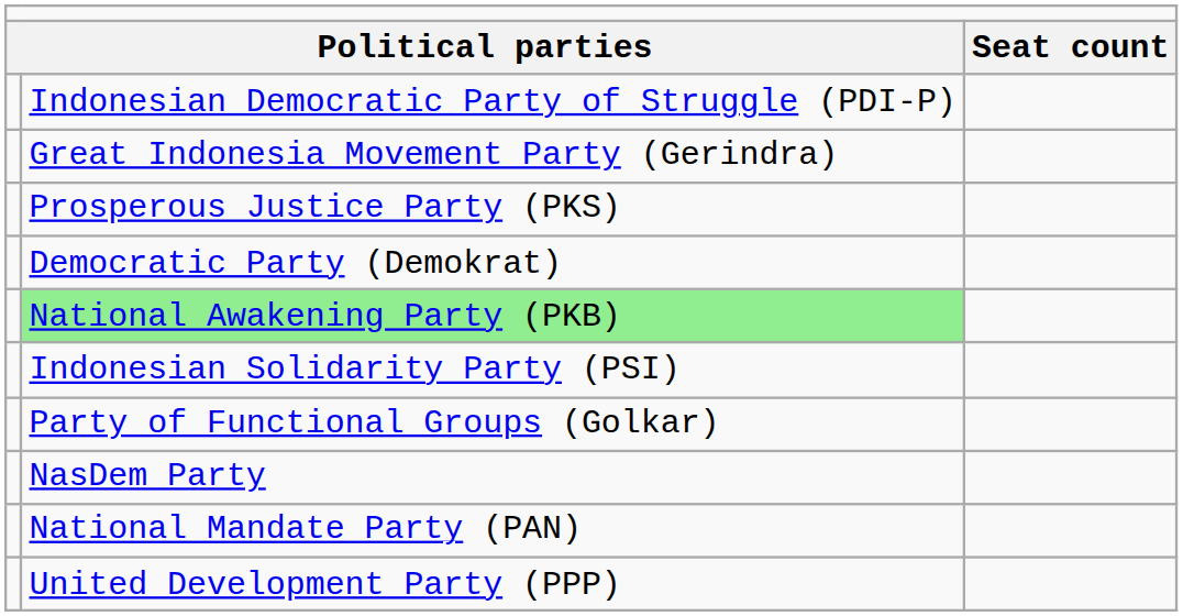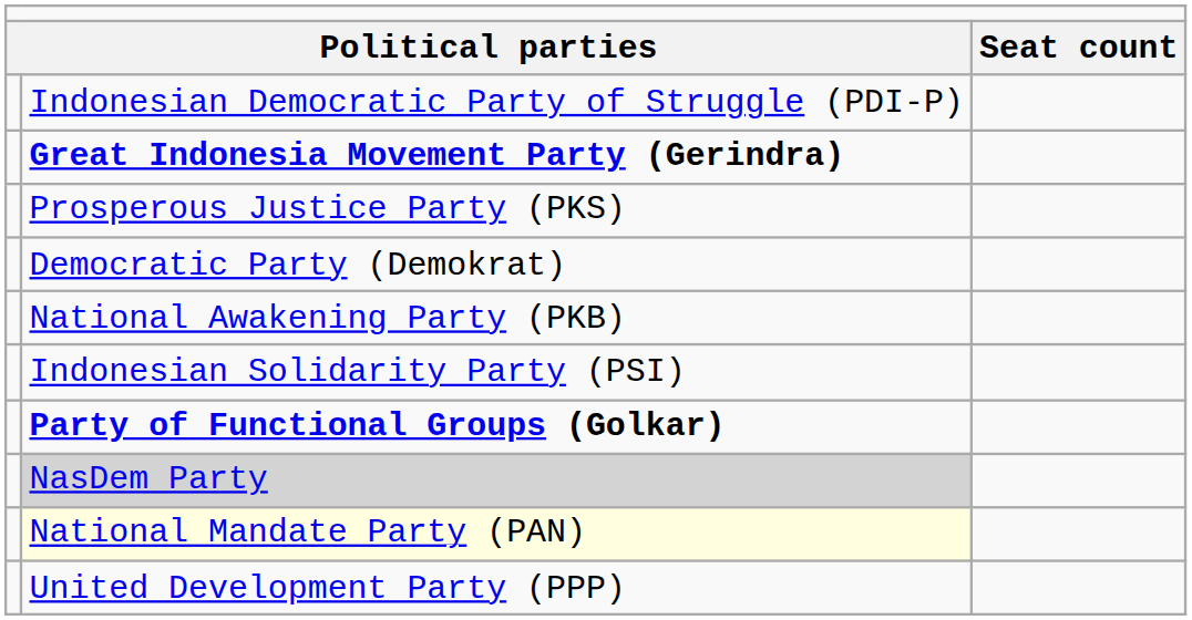 <table class="wikitable">
 <tr>
 <td colspan="4"></td>
 </tr>
 <tr>
 <th colspan="2">Political parties</th>
 <th>Seat count</th>
 </tr>
 <tr>
 <td bgcolor=></td>
 <td><a href='#'>Indonesian Democratic Party of Struggle</a> (PDI-P)</td>
 <td></td>
 </tr>
 <tr>
 <td bgcolor=></td>
-<td><a href='#'>Great Indonesia Movement Party</a> (Gerindra)</td>
+<td><strong><a href='#'>Great Indonesia Movement Party</a> (Gerindra)</strong></td>
 <td></td>
 </tr>
 <tr>
 <td bgcolor=></td>
 <td><a href='#'>Prosperous Justice Party</a> (PKS)</td>
 <td></td>
 </tr>
 <tr>
 <td bgcolor=></td>
 <td><a href='#'>Democratic Party</a> (Demokrat)</td>
 <td></td>
 </tr>
 <tr>
 <td bgcolor=></td>
-<td style="background: lightgreen;"><a href='#'>National Awakening Party</a> (PKB)</td>
+<td><a href='#'>National Awakening Party</a> (PKB)</td>
 <td></td>
 </tr>
 <tr>
 <td bgcolor=></td>
 <td><a href='#'>Indonesian Solidarity Party</a> (PSI)</td>
 <td></td>
 </tr>
 <tr>
 <td bgcolor=></td>
-<td><a href='#'>Party of Functional Groups</a> (Golkar)</td>
+<td><strong><a href='#'>Party of Functional Groups</a> (Golkar)</strong></td>
 <td></td>
 </tr>
 <tr>
 <td bgcolor=></td>
-<td><a href='#'>NasDem Party</a></td>
+<td style="background: lightgrey;"><a href='#'>NasDem Party</a></td>
 <td></td>
 </tr>
 <tr>
 <td bgcolor=></td>
-<td><a href='#'>National Mandate Party</a> (PAN)</td>
+<td style="background: lightyellow;"><a href='#'>National Mandate Party</a> (PAN)</td>
 <td></td>
 </tr>
 <tr>
 <td bgcolor=></td>
 <td><a href='#'>United Development Party</a> (PPP)</td>
 <td></td>
 </tr>
 </table>
